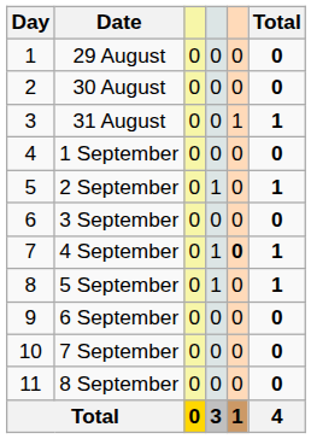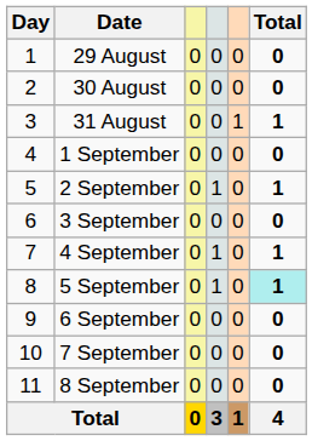 <table class=wikitable style="font-size:85%; float:right; text-align:center">
 <tr>
 <th>Day</th>
 <th>Date</th>
 <td bgcolor=F7F6A8></td>
 <td bgcolor=DCE5E5></td>
 <td bgcolor=FFDAB9></td>
 <th>Total</th>
 </tr>
 <tr>
 <td>1</td>
 <td>29 August</td>
 <td bgcolor=F7F6A8>0</td>
 <td bgcolor=DCE5E5>0</td>
 <td bgcolor=FFDAB9>0</td>
 <td><strong>0</strong></td>
 </tr>
 <tr>
 <td>2</td>
 <td>30 August</td>
 <td bgcolor=F7F6A8>0</td>
 <td bgcolor=DCE5E5>0</td>
 <td bgcolor=FFDAB9>0</td>
 <td><strong>0</strong></td>
 </tr>
 <tr>
 <td>3</td>
 <td>31 August</td>
 <td bgcolor=F7F6A8>0</td>
 <td bgcolor=DCE5E5>0</td>
 <td bgcolor=FFDAB9>1</td>
 <td><strong>1</strong></td>
 </tr>
 <tr>
 <td>4</td>
 <td>1 September</td>
 <td bgcolor=F7F6A8>0</td>
 <td bgcolor=DCE5E5>0</td>
 <td bgcolor=FFDAB9>0</td>
 <td><strong>0</strong></td>
 </tr>
 <tr>
 <td>5</td>
 <td>2 September</td>
 <td bgcolor=F7F6A8>0</td>
 <td bgcolor=DCE5E5>1</td>
 <td bgcolor=FFDAB9>0</td>
 <td><strong>1</strong></td>
 </tr>
 <tr>
 <td>6</td>
 <td>3 September</td>
 <td bgcolor=F7F6A8>0</td>
 <td bgcolor=DCE5E5>0</td>
 <td bgcolor=FFDAB9>0</td>
 <td><strong>0</strong></td>
 </tr>
 <tr>
 <td>7</td>
 <td>4 September</td>
 <td bgcolor=F7F6A8>0</td>
 <td bgcolor=DCE5E5>1</td>
-<td bgcolor=FFDAB9><strong>0</strong></td>
+<td bgcolor=FFDAB9>0</td>
 <td><strong>1</strong></td>
 </tr>
 <tr>
 <td>8</td>
 <td>5 September</td>
 <td bgcolor=F7F6A8>0</td>
 <td bgcolor=DCE5E5>1</td>
 <td bgcolor=FFDAB9>0</td>
-<td><strong>1</strong></td>
+<td style="background: paleturquoise;"><strong>1</strong></td>
 </tr>
 <tr>
 <td>9</td>
 <td>6 September</td>
 <td bgcolor=F7F6A8>0</td>
 <td bgcolor=DCE5E5>0</td>
 <td bgcolor=FFDAB9>0</td>
 <td><strong>0</strong></td>
 </tr>
 <tr>
 <td>10</td>
 <td>7 September</td>
 <td bgcolor=F7F6A8>0</td>
 <td bgcolor=DCE5E5>0</td>
 <td bgcolor=FFDAB9>0</td>
 <td><strong>0</strong></td>
 </tr>
 <tr>
 <td>11</td>
 <td>8 September</td>
 <td bgcolor=F7F6A8>0</td>
 <td bgcolor=DCE5E5>0</td>
 <td bgcolor=FFDAB9>0</td>
 <td><strong>0</strong></td>
 </tr>
 <tr>
 <th colspan=2>Total</th>
 <th style=background:gold>0</th>
 <th style=background:silver>3</th>
 <th style=background:#c96>1</th>
 <th>4</th>
 </tr>
 </table>
